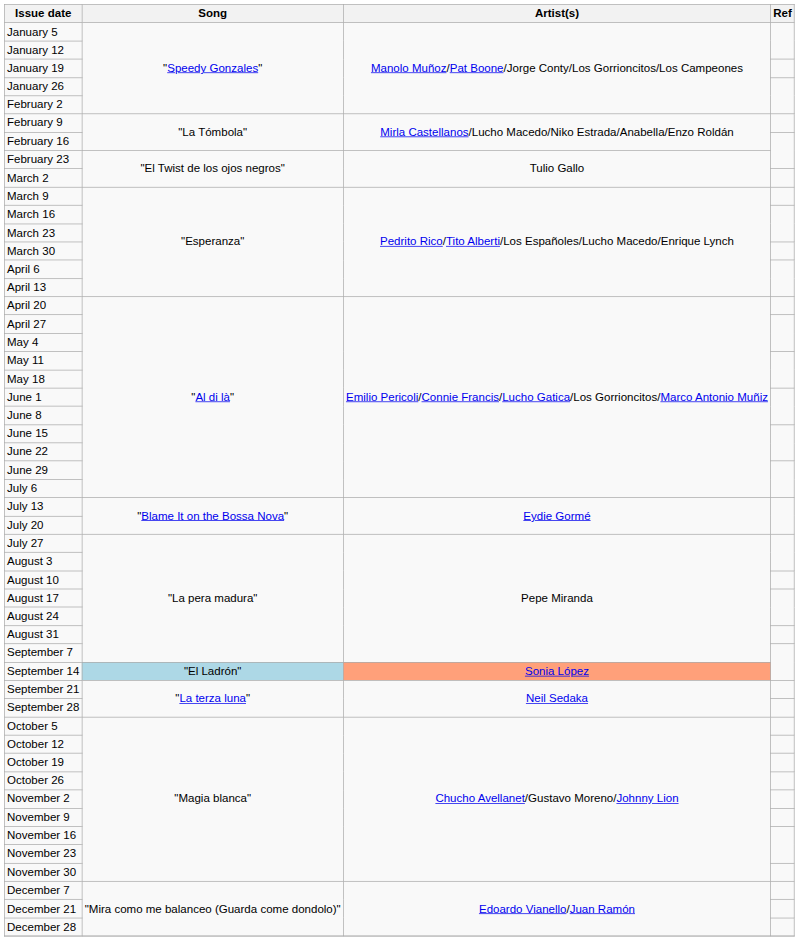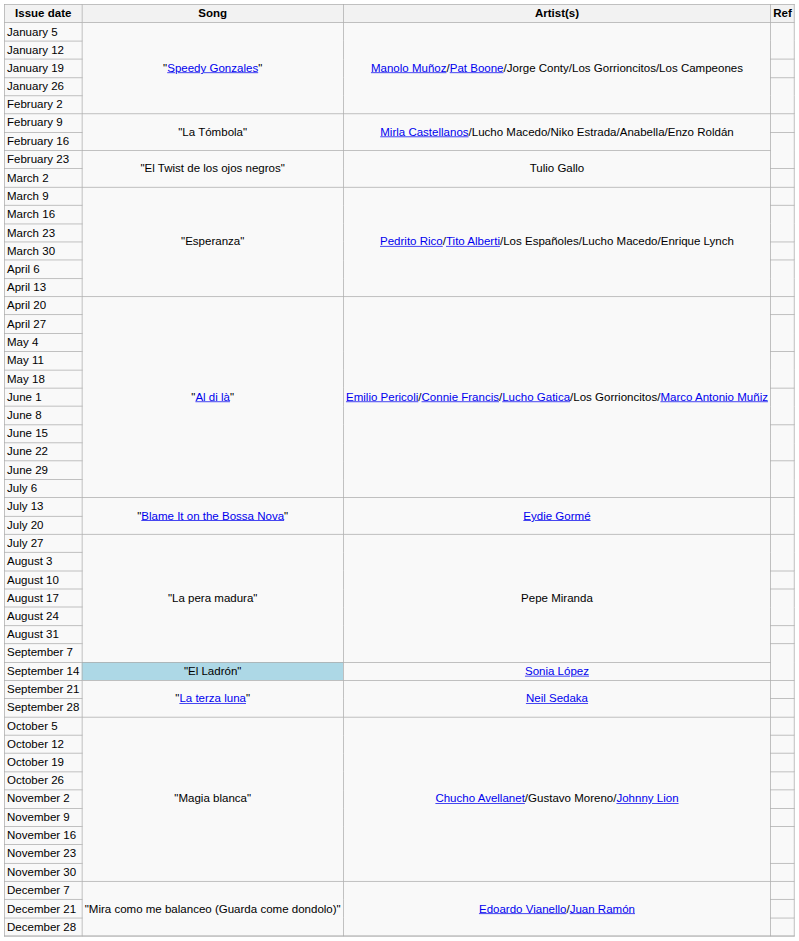 <table class="wikitable">
 <tr>
 <th>Issue date</th>
 <th>Song</th>
 <th>Artist(s)</th>
 <th>Ref</th>
 </tr>
 <tr>
 <td>January 5</td>
 <td align="center" rowspan="5">"<a href='#'>Speedy Gonzales</a>"</td>
 <td align="center" rowspan="5"><a href='#'>Manolo Muñoz</a>/<a href='#'>Pat Boone</a>/Jorge Conty/Los Gorrioncitos/Los Campeones</td>
 <td align="center" rowspan="2"></td>
 </tr>
 <tr>
 <td>January 12</td>
 </tr>
 <tr>
 <td>January 19</td>
 <td align="center"></td>
 </tr>
 <tr>
 <td>January 26</td>
 <td align="center" rowspan="2"></td>
 </tr>
 <tr>
 <td>February 2</td>
 </tr>
 <tr>
 <td>February 9</td>
 <td align="center" rowspan="2">"La Tómbola"</td>
 <td align="center" rowspan="2"><a href='#'>Mirla Castellanos</a>/Lucho Macedo/Niko Estrada/Anabella/Enzo Roldán</td>
 <td align="center"></td>
 </tr>
 <tr>
 <td>February 16</td>
 <td align="center" rowspan="2"></td>
 </tr>
 <tr>
 <td>February 23</td>
 <td align="center" rowspan="2">"El Twist de los ojos negros"</td>
 <td align="center" rowspan="2">Tulio Gallo</td>
 </tr>
 <tr>
 <td>March 2</td>
 <td align="center"></td>
 </tr>
 <tr>
 <td>March 9</td>
 <td align="center" rowspan="6">"Esperanza"</td>
 <td align="center" rowspan="6"><a href='#'>Pedrito Rico</a>/<a href='#'>Tito Alberti</a>/Los Españoles/Lucho Macedo/Enrique Lynch</td>
 <td align="center"></td>
 </tr>
 <tr>
 <td>March 16</td>
 <td align="center" rowspan="2"></td>
 </tr>
 <tr>
 <td>March 23</td>
 </tr>
 <tr>
 <td>March 30</td>
 <td align="center"></td>
 </tr>
 <tr>
 <td>April 6</td>
 <td align="center" rowspan="2"></td>
 </tr>
 <tr>
 <td>April 13</td>
 </tr>
 <tr>
 <td>April 20</td>
 <td align="center" rowspan="11">"<a href='#'>Al di là</a>"</td>
 <td align="center" rowspan="11"><a href='#'>Emilio Pericoli</a>/<a href='#'>Connie Francis</a>/<a href='#'>Lucho Gatica</a>/Los Gorrioncitos/<a href='#'>Marco Antonio Muñiz</a></td>
 <td align="center"></td>
 </tr>
 <tr>
 <td>April 27</td>
 <td align="center" rowspan="2"></td>
 </tr>
 <tr>
 <td>May 4</td>
 </tr>
 <tr>
 <td>May 11</td>
 <td align="center" rowspan="2"></td>
 </tr>
 <tr>
 <td>May 18</td>
 </tr>
 <tr>
 <td>June 1</td>
 <td align="center" rowspan="2"></td>
 </tr>
 <tr>
 <td>June 8</td>
 </tr>
 <tr>
 <td>June 15</td>
 <td align="center" rowspan="2"></td>
 </tr>
 <tr>
 <td>June 22</td>
 </tr>
 <tr>
 <td>June 29</td>
 <td align="center" rowspan="2"></td>
 </tr>
 <tr>
 <td>July 6</td>
 </tr>
 <tr>
 <td>July 13</td>
 <td align="center" rowspan="2">"<a href='#'>Blame It on the Bossa Nova</a>"</td>
 <td align="center" rowspan="2"><a href='#'>Eydie Gormé</a></td>
 <td align="center" rowspan="2"></td>
 </tr>
 <tr>
 <td>July 20</td>
 </tr>
 <tr>
 <td>July 27</td>
 <td align="center" rowspan="7">"La pera madura"</td>
 <td align="center" rowspan="7">Pepe Miranda</td>
 <td align="center" rowspan="2"></td>
 </tr>
 <tr>
 <td>August 3</td>
 </tr>
 <tr>
 <td>August 10</td>
 <td align="center"></td>
 </tr>
 <tr>
 <td>August 17</td>
 <td align="center" rowspan="2"></td>
 </tr>
 <tr>
 <td>August 24</td>
 </tr>
 <tr>
 <td>August 31</td>
 <td align="center"></td>
 </tr>
 <tr>
 <td>September 7</td>
 <td align="center" rowspan="2"></td>
 </tr>
 <tr>
 <td>September 14</td>
 <td align="center" style="background: lightblue;">"El Ladrón"</td>
-<td align="center" style="background: lightsalmon;"><a href='#'>Sonia López</a></td>
+<td align="center"><a href='#'>Sonia López</a></td>
 </tr>
 <tr>
 <td>September 21</td>
 <td align="center" rowspan="2">"<a href='#'>La terza luna</a>"</td>
 <td align="center" rowspan="2"><a href='#'>Neil Sedaka</a></td>
 <td align="center"></td>
 </tr>
 <tr>
 <td>September 28</td>
 <td align="center"></td>
 </tr>
 <tr>
 <td>October 5</td>
 <td align="center" rowspan="9">"Magia blanca"</td>
 <td align="center" rowspan="9"><a href='#'>Chucho Avellanet</a>/Gustavo Moreno/<a href='#'>Johnny Lion</a></td>
 <td align="center"></td>
 </tr>
 <tr>
 <td>October 12</td>
 <td align="center"></td>
 </tr>
 <tr>
 <td>October 19</td>
 <td align="center"></td>
 </tr>
 <tr>
 <td>October 26</td>
 <td align="center"></td>
 </tr>
 <tr>
 <td>November 2</td>
 <td align="center"></td>
 </tr>
 <tr>
 <td>November 9</td>
 <td align="center"></td>
 </tr>
 <tr>
 <td>November 16</td>
 <td align="center" rowspan="2"></td>
 </tr>
 <tr>
 <td>November 23</td>
 </tr>
 <tr>
 <td>November 30</td>
 <td align="center"></td>
 </tr>
 <tr>
 <td>December 7</td>
 <td align="center" rowspan="3">"Mira como me balanceo (Guarda come dondolo)"</td>
 <td align="center" rowspan="3"><a href='#'>Edoardo Vianello</a>/<a href='#'>Juan Ramón</a></td>
 <td align="center"></td>
 </tr>
 <tr>
 <td>December 21</td>
 <td align="center"></td>
 </tr>
 <tr>
 <td>December 28</td>
 <td align="center"></td>
 </tr>
 <tr>
 </tr>
 </table>
